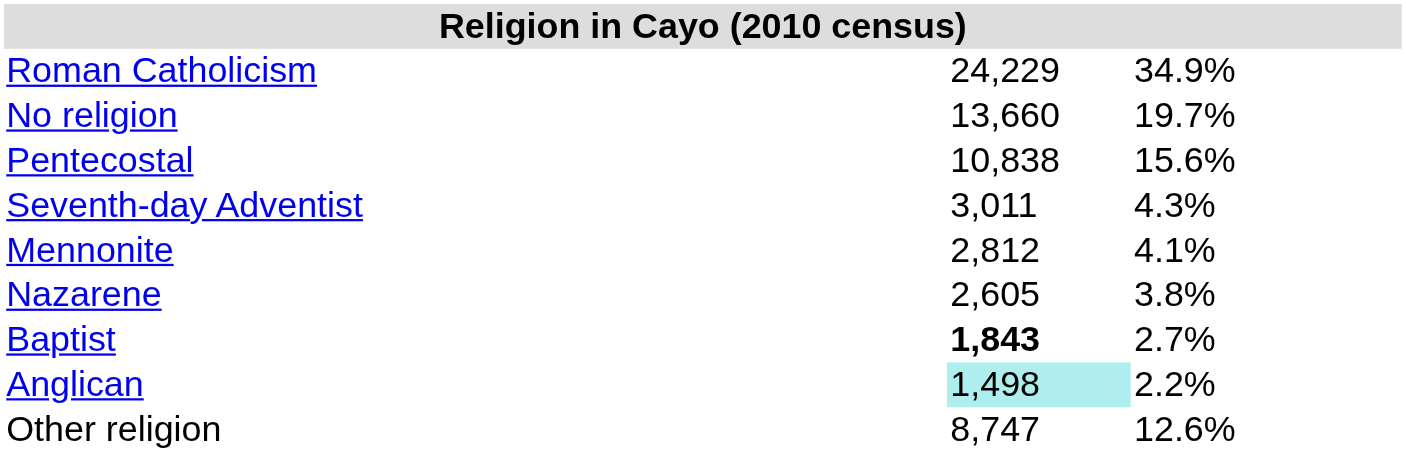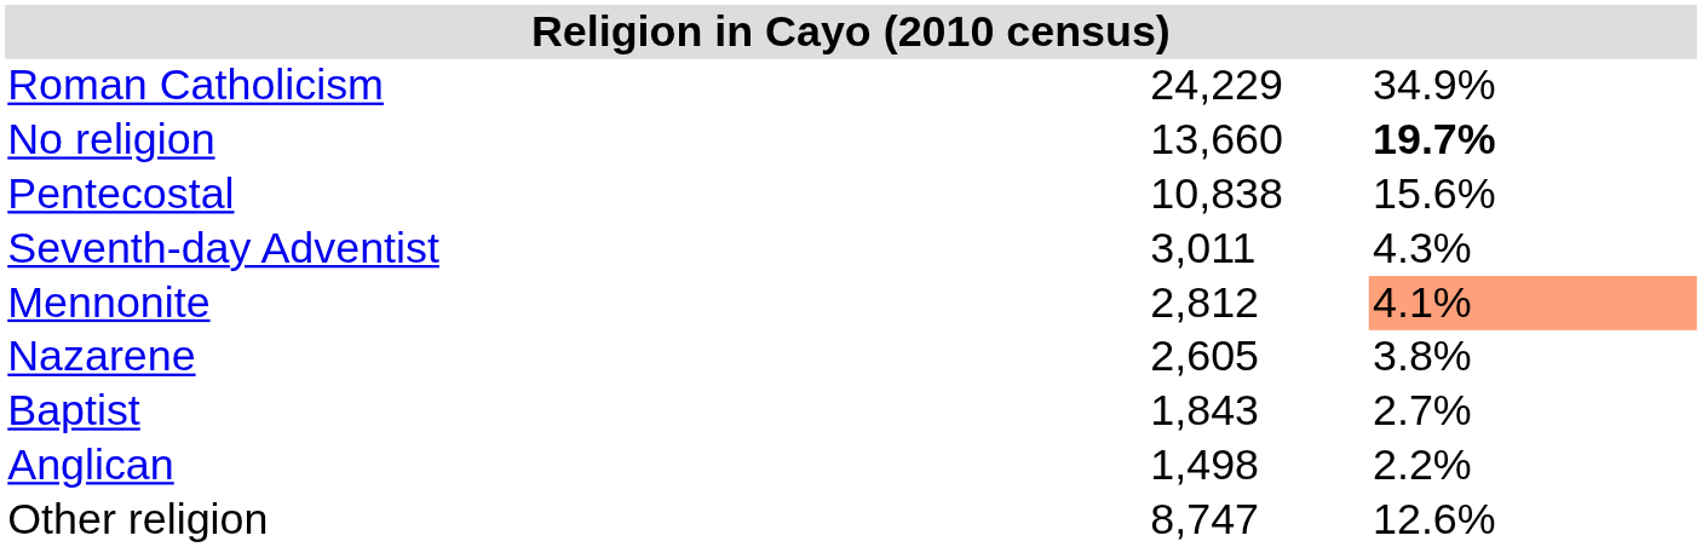 <table style="border-collapse:collapse; width:100%;">
 <tr>
 <th colspan="5" style="background:#ddd;">Religion in Cayo (2010 census)</th>
 </tr>
 <tr>
 <td><a href='#'>Roman Catholicism</a></td>
 <td style="width:5em;">24,229</td>
 <td>34.9%</td>
 </tr>
 <tr>
 <td><a href='#'>No religion</a></td>
 <td>13,660</td>
-<td>19.7%</td>
+<td><strong>19.7%</strong></td>
 </tr>
 <tr>
 <td><a href='#'>Pentecostal</a></td>
 <td>10,838</td>
 <td>15.6%</td>
 </tr>
 <tr>
 <td><a href='#'>Seventh-day Adventist</a> </td>
 <td>3,011</td>
 <td>4.3%</td>
 </tr>
 <tr>
 <td><a href='#'>Mennonite</a></td>
 <td>2,812</td>
-<td>4.1%</td>
+<td style="background: lightsalmon;">4.1%</td>
 </tr>
 <tr>
 <td><a href='#'>Nazarene</a></td>
 <td>2,605</td>
 <td>3.8%</td>
 </tr>
 <tr>
 <td><a href='#'>Baptist</a></td>
-<td><strong>1,843</strong></td>
+<td>1,843</td>
 <td>2.7%</td>
 </tr>
 <tr>
 <td><a href='#'>Anglican</a></td>
-<td style="background: paleturquoise;">1,498</td>
+<td>1,498</td>
 <td>2.2%</td>
 </tr>
 <tr>
 <td>Other religion</td>
 <td>8,747</td>
 <td>12.6%</td>
 </tr>
 </table>
